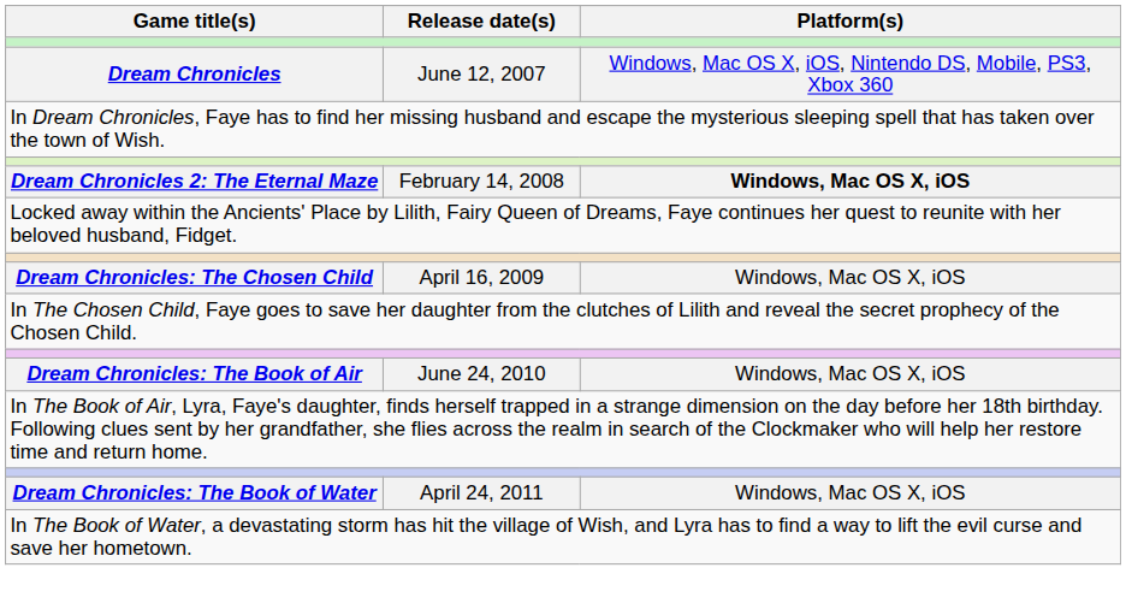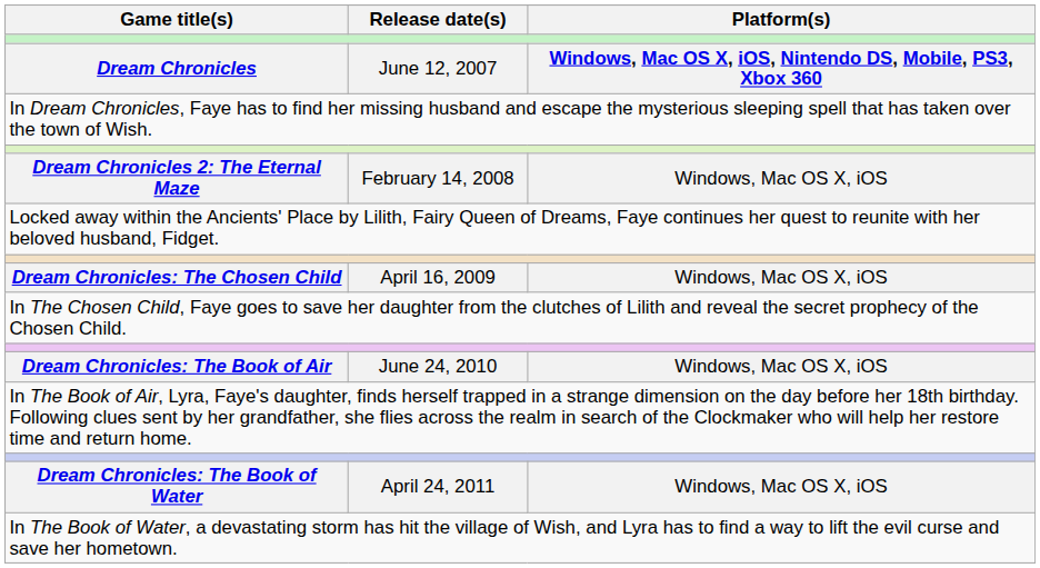 <table class="wikitable" style="width:100%;">
 <tr style="text-align: center;">
 <th rowspan="2">Game title(s)</th>
 </tr>
 <tr>
 <th>Release date(s)</th>
 <th>Platform(s)</th>
 </tr>
 <tr>
 <td colspan="5" style="background:#c5f3c6;"></td>
 </tr>
 <tr style="background:#f2f2f2; text-align:center;">
 <td><strong><em><a href='#'>Dream Chronicles</a></em></strong></td>
 <td>June 12, 2007</td>
-<td><a href='#'>Windows</a>, <a href='#'>Mac OS X</a>, <a href='#'>iOS</a>, <a href='#'>Nintendo DS</a>, <a href='#'>Mobile</a>, <a href='#'>PS3</a>, <a href='#'>Xbox 360</a></td>
+<td><strong><a href='#'>Windows</a>, <a href='#'>Mac OS X</a>, <a href='#'>iOS</a>, <a href='#'>Nintendo DS</a>, <a href='#'>Mobile</a>, <a href='#'>PS3</a>, <a href='#'>Xbox 360</a></strong></td>
 </tr>
 <tr>
 <td colspan="5" style="border:none; vertical-align:top;">In <em>Dream Chronicles</em>, Faye has to find her missing husband and escape the mysterious sleeping spell that has taken over the town of Wish.</td>
 </tr>
 <tr style="background:#f2f2f2; text-align:center;">
 <td colspan="5" style="background:#ddf3c5;"></td>
 </tr>
 <tr style="background:#f2f2f2; text-align:center;">
 <td><strong><em><a href='#'>Dream Chronicles 2: The Eternal Maze</a></em></strong></td>
 <td>February 14, 2008</td>
-<td><strong>Windows, Mac OS X, iOS</strong></td>
+<td>Windows, Mac OS X, iOS</td>
 </tr>
 <tr>
 <td colspan="5" style="border:none; vertical-align:top;">Locked away within the Ancients' Place by Lilith, Fairy Queen of Dreams, Faye continues her quest to reunite with her beloved husband, Fidget.</td>
 </tr>
 <tr style="background:#f2f2f2; text-align:center;">
 <td colspan="5" style="background:#f3e1c5;"></td>
 </tr>
 <tr style="background:#f2f2f2; text-align:center;">
 <td><strong><em><a href='#'>Dream Chronicles: The Chosen Child</a></em></strong></td>
 <td>April 16, 2009</td>
 <td>Windows, Mac OS X, iOS</td>
 </tr>
 <tr>
 <td colspan="5" style="border:none; vertical-align:top;">In <em>The Chosen Child</em>, Faye goes to save her daughter from the clutches of Lilith and reveal the secret prophecy of the Chosen Child.</td>
 </tr>
 <tr style="background:#f2f2f2; text-align:center;">
 <td colspan="5" style="background:#ecc5f3;"></td>
 </tr>
 <tr style="background:#f2f2f2; text-align:center;">
 <td><strong><em><a href='#'>Dream Chronicles: The Book of Air</a></em></strong></td>
 <td>June 24, 2010</td>
 <td>Windows, Mac OS X, iOS</td>
 </tr>
 <tr>
 <td colspan="5" style="border:none; vertical-align:top;">In <em>The Book of Air</em>, Lyra, Faye's daughter, finds herself trapped in a strange dimension on the day before her 18th birthday. Following clues sent by her grandfather, she flies across the realm in search of the Clockmaker who will help her restore time and return home.</td>
 </tr>
 <tr style="background:#f2f2f2; text-align:center;">
 <td colspan="5" style="background:#c5cdf3;"></td>
 </tr>
 <tr style="background:#f2f2f2; text-align:center;">
 <td><strong><em><a href='#'>Dream Chronicles: The Book of Water</a></em></strong></td>
 <td>April 24, 2011</td>
 <td>Windows, Mac OS X, iOS</td>
 </tr>
 <tr>
 <td colspan="5" style="border:none; vertical-align:top;">In <em>The Book of Water</em>, a devastating storm has hit the village of Wish, and Lyra has to find a way to lift the evil curse and save her hometown.</td>
 </tr>
 </table>
